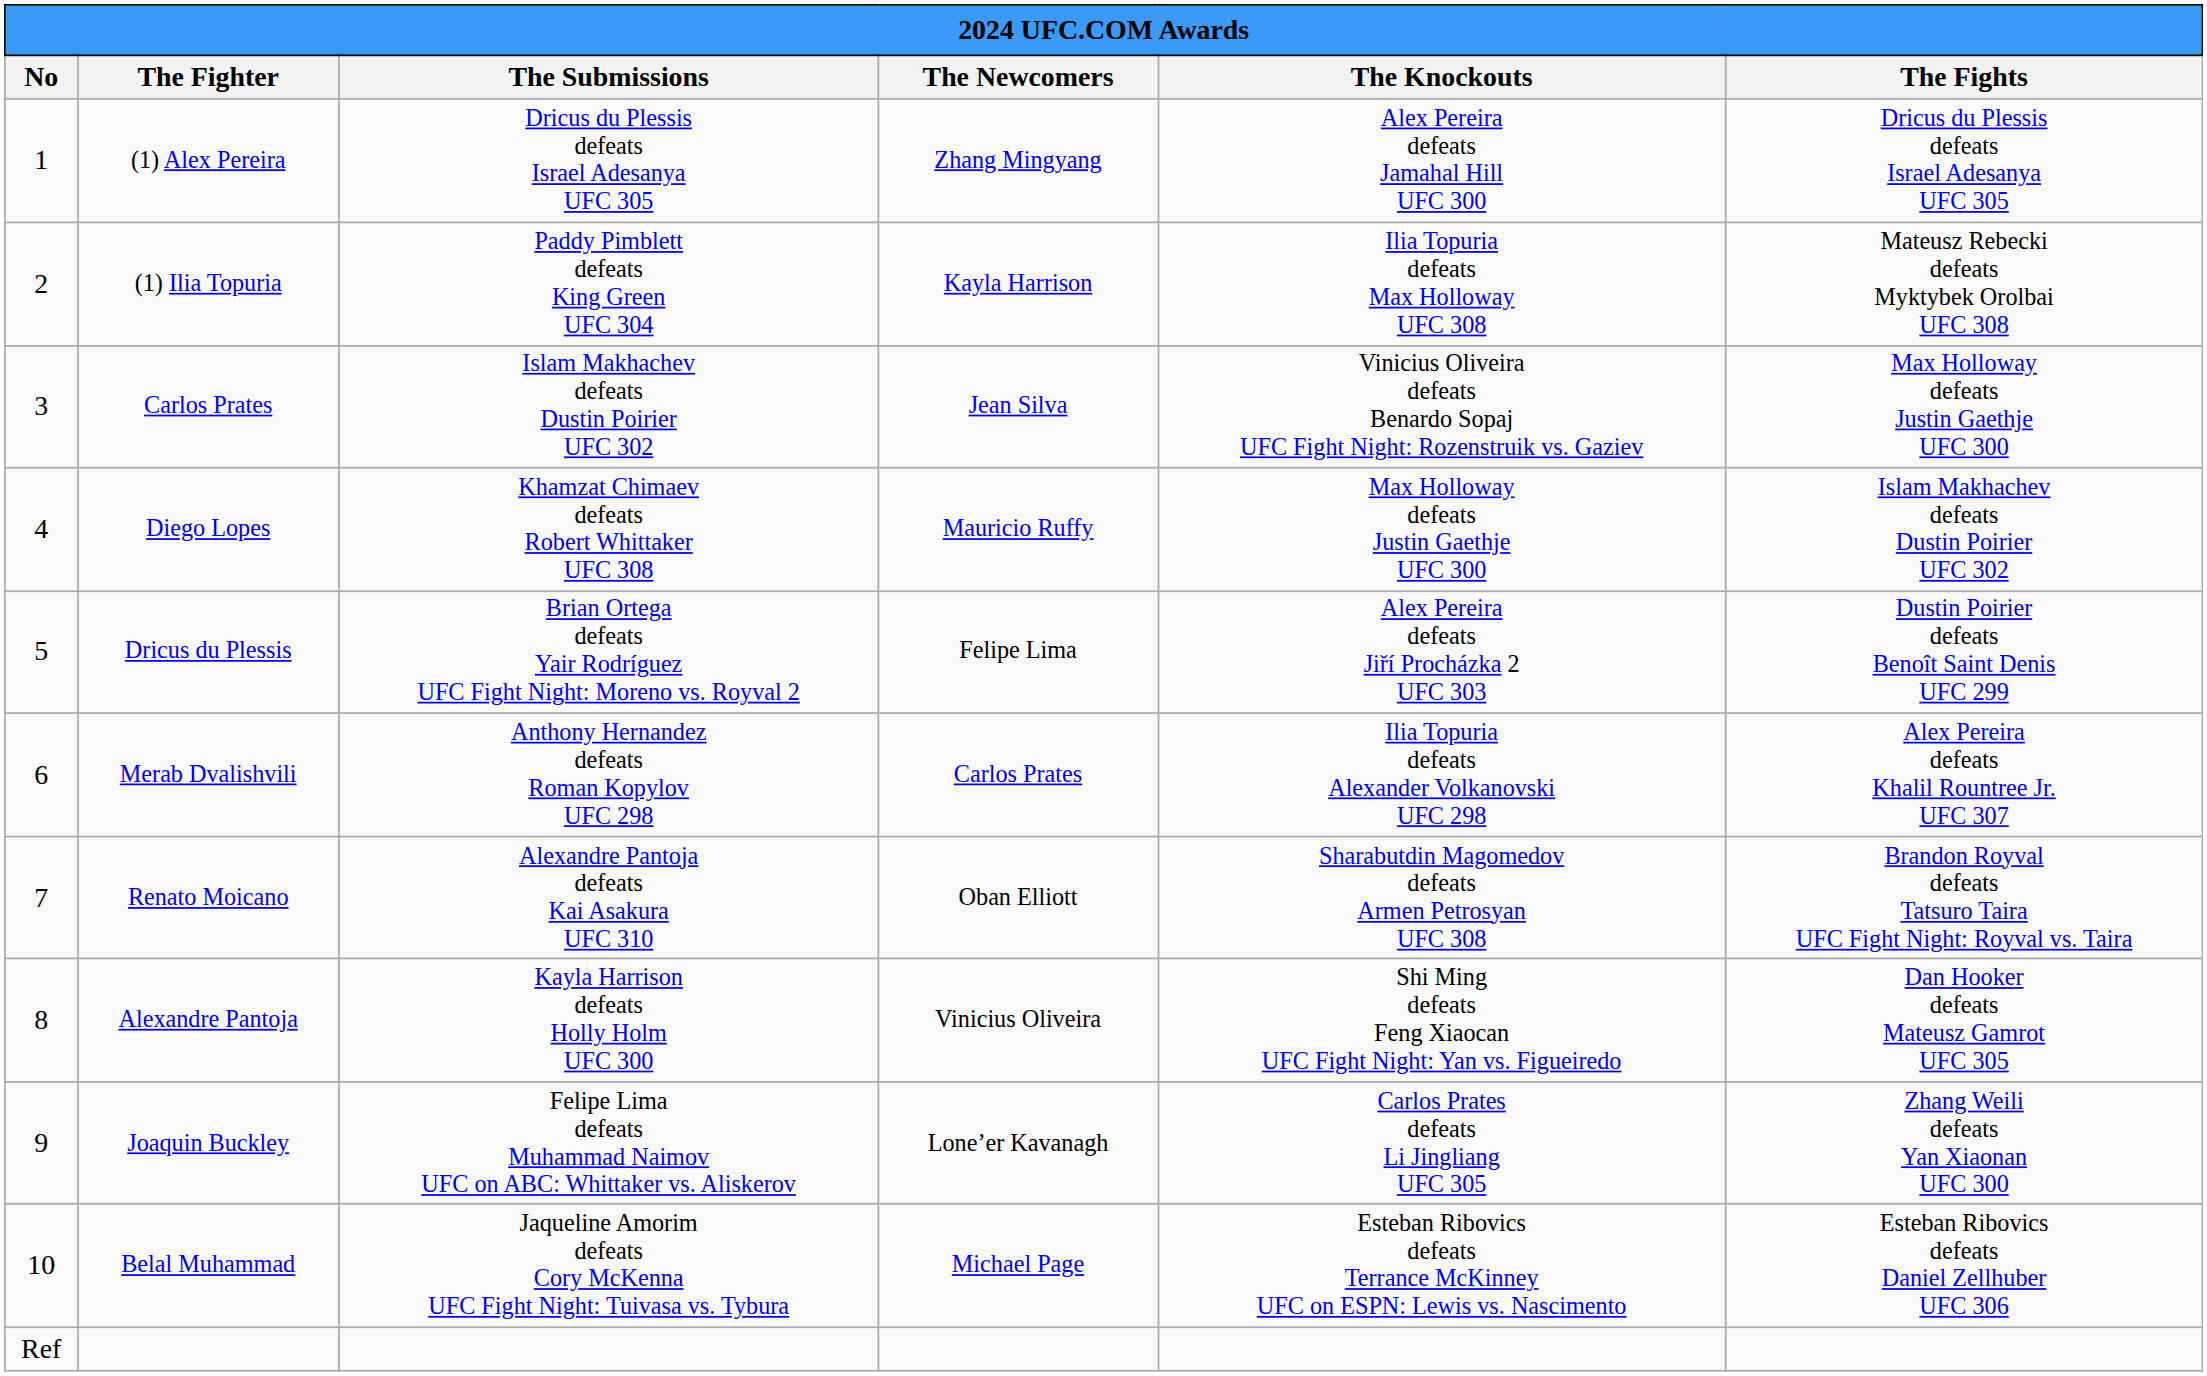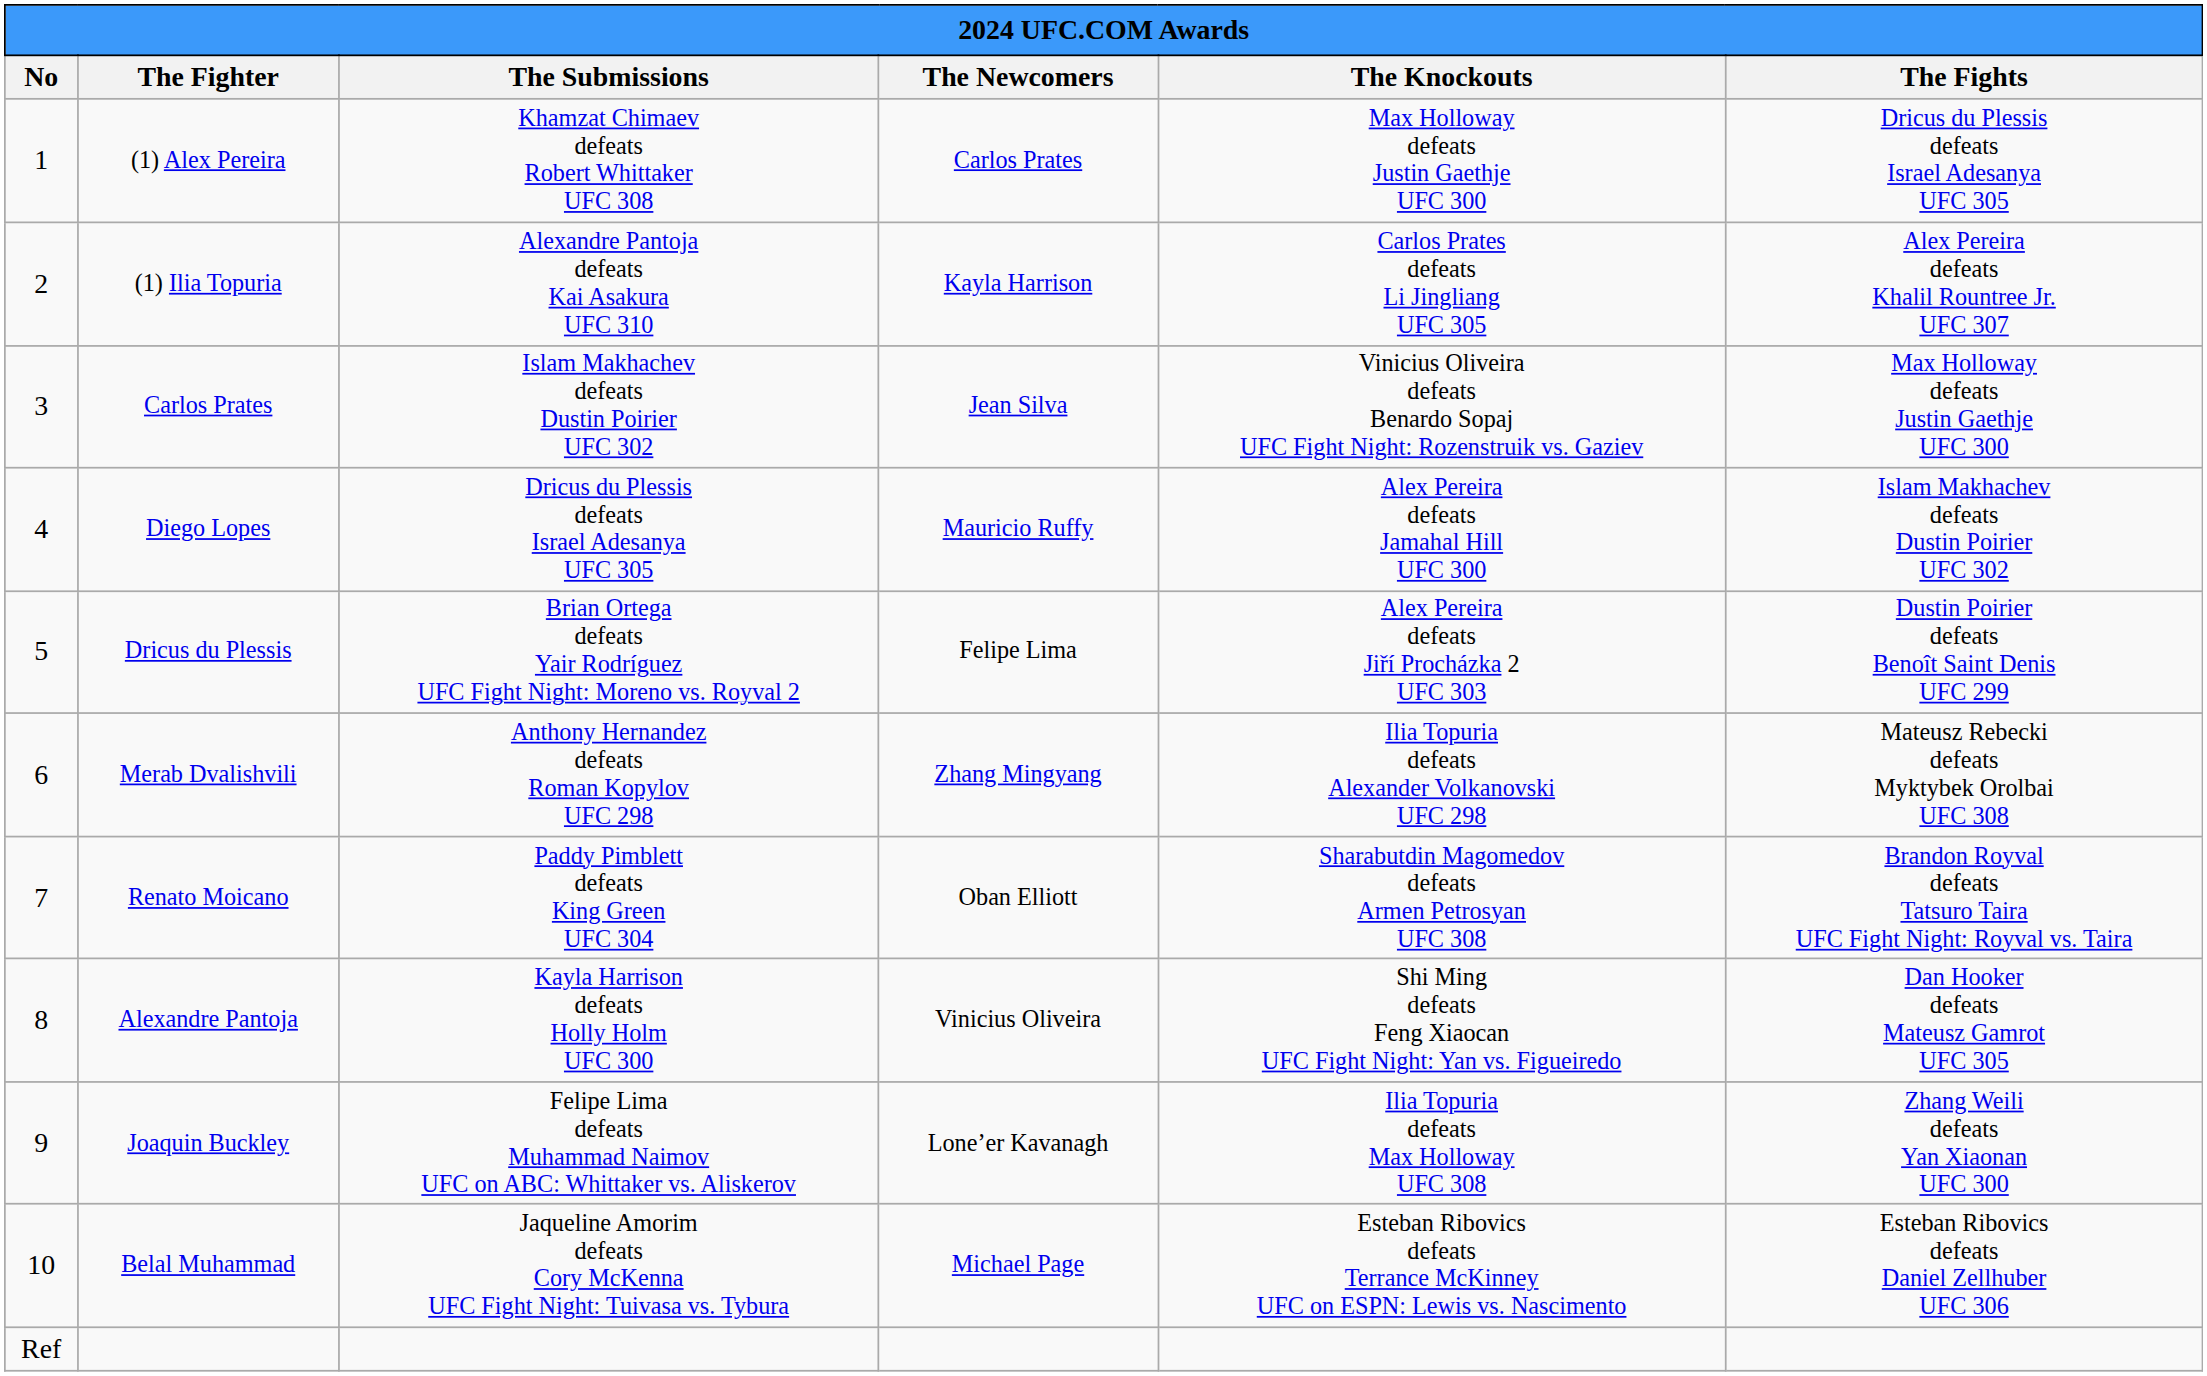 <table class="wikitable" width="100%" style="text-align:Center">
 <tr>
 <th colspan="6" style="border: 1px solid black; padding: 5px; background: #3B99FA;">2024 UFC.COM Awards</th>
 </tr>
 <tr>
 <th>No</th>
 <th>The Fighter</th>
 <th>The Submissions</th>
 <th>The Newcomers</th>
 <th>The Knockouts</th>
 <th>The Fights</th>
 </tr>
 <tr>
 <td>1</td>
 <td style="font-size:87%">(1) <a href='#'>Alex Pereira</a></td>
-<td style="font-size:87%"><a href='#'>Dricus du Plessis</a> <br> defeats <br> <a href='#'>Israel Adesanya</a> <br> <a href='#'>UFC 305</a></td>
-<td style="font-size:87%"><a href='#'>Zhang Mingyang</a></td>
-<td style="font-size:87%"><a href='#'>Alex Pereira</a> <br> defeats <br> <a href='#'>Jamahal Hill</a> <br> <a href='#'>UFC 300</a></td>
+<td style="font-size:87%"><a href='#'>Khamzat Chimaev</a> <br> defeats <br> <a href='#'>Robert Whittaker</a> <br> <a href='#'>UFC 308</a></td>
+<td style="font-size:87%"><a href='#'>Carlos Prates</a></td>
+<td style="font-size:87%"><a href='#'>Max Holloway</a> <br> defeats <br> <a href='#'>Justin Gaethje</a> <br> <a href='#'>UFC 300</a></td>
 <td style="font-size:87%"><a href='#'>Dricus du Plessis</a> <br> defeats <br> <a href='#'>Israel Adesanya</a> <br> <a href='#'>UFC 305</a></td>
 </tr>
 <tr>
 <td>2</td>
 <td style="font-size:87%">(1) <a href='#'>Ilia Topuria</a></td>
-<td style="font-size:87%"><a href='#'>Paddy Pimblett</a> <br> defeats <br> <a href='#'>King Green</a> <br> <a href='#'>UFC 304</a></td>
+<td style="font-size:87%"><a href='#'>Alexandre Pantoja</a> <br> defeats <br> <a href='#'>Kai Asakura</a> <br> <a href='#'>UFC 310</a></td>
 <td style="font-size:87%"><a href='#'>Kayla Harrison</a></td>
-<td style="font-size:87%"><a href='#'>Ilia Topuria</a> <br> defeats <br> <a href='#'>Max Holloway</a> <br> <a href='#'>UFC 308</a></td>
-<td style="font-size:87%">Mateusz Rebecki <br> defeats <br> Myktybek Orolbai <br> <a href='#'>UFC 308</a></td>
+<td style="font-size:87%"><a href='#'>Carlos Prates</a> <br> defeats <br> <a href='#'>Li Jingliang</a> <br> <a href='#'>UFC 305</a></td>
+<td style="font-size:87%"><a href='#'>Alex Pereira</a> <br> defeats <br> <a href='#'>Khalil Rountree Jr.</a> <br> <a href='#'>UFC 307</a></td>
 </tr>
 <tr>
 <td>3</td>
 <td style="font-size:87%"><a href='#'>Carlos Prates</a></td>
 <td style="font-size:87%"><a href='#'>Islam Makhachev</a> <br> defeats <br> <a href='#'>Dustin Poirier</a> <br> <a href='#'>UFC 302</a></td>
 <td style="font-size:87%"><a href='#'>Jean Silva</a></td>
 <td style="font-size:87%">Vinicius Oliveira <br> defeats <br> Benardo Sopaj <br> <a href='#'>UFC Fight Night: Rozenstruik vs. Gaziev</a></td>
 <td style="font-size:87%"><a href='#'>Max Holloway</a> <br> defeats <br> <a href='#'>Justin Gaethje</a> <br> <a href='#'>UFC 300</a></td>
 </tr>
 <tr>
 <td>4</td>
 <td style="font-size:87%"><a href='#'>Diego Lopes</a></td>
-<td style="font-size:87%"><a href='#'>Khamzat Chimaev</a> <br> defeats <br> <a href='#'>Robert Whittaker</a> <br> <a href='#'>UFC 308</a></td>
+<td style="font-size:87%"><a href='#'>Dricus du Plessis</a> <br> defeats <br> <a href='#'>Israel Adesanya</a> <br> <a href='#'>UFC 305</a></td>
 <td style="font-size:87%"><a href='#'>Mauricio Ruffy</a></td>
-<td style="font-size:87%"><a href='#'>Max Holloway</a> <br> defeats <br> <a href='#'>Justin Gaethje</a> <br> <a href='#'>UFC 300</a></td>
+<td style="font-size:87%"><a href='#'>Alex Pereira</a> <br> defeats <br> <a href='#'>Jamahal Hill</a> <br> <a href='#'>UFC 300</a></td>
 <td style="font-size:87%"><a href='#'>Islam Makhachev</a> <br> defeats <br> <a href='#'>Dustin Poirier</a> <br> <a href='#'>UFC 302</a></td>
 </tr>
 <tr>
 <td>5</td>
 <td style="font-size:87%"><a href='#'>Dricus du Plessis</a></td>
 <td style="font-size:87%"><a href='#'>Brian Ortega</a> <br> defeats <br> <a href='#'>Yair Rodríguez</a> <br> <a href='#'>UFC Fight Night: Moreno vs. Royval 2</a></td>
 <td style="font-size:87%">Felipe Lima</td>
 <td style="font-size:87%"><a href='#'>Alex Pereira</a> <br> defeats <br> <a href='#'>Jiří Procházka</a> 2<br> <a href='#'>UFC 303</a></td>
 <td style="font-size:87%"><a href='#'>Dustin Poirier</a> <br> defeats <br> <a href='#'>Benoît Saint Denis</a>  <br> <a href='#'>UFC 299</a></td>
 </tr>
 <tr>
 <td>6</td>
 <td style="font-size:87%"><a href='#'>Merab Dvalishvili</a></td>
 <td style="font-size:87%"><a href='#'>Anthony Hernandez</a> <br> defeats <br> <a href='#'>Roman Kopylov</a> <br> <a href='#'>UFC 298</a></td>
-<td style="font-size:87%"><a href='#'>Carlos Prates</a></td>
+<td style="font-size:87%"><a href='#'>Zhang Mingyang</a></td>
 <td style="font-size:87%"><a href='#'>Ilia Topuria</a> <br> defeats <br> <a href='#'>Alexander Volkanovski</a> <br> <a href='#'>UFC 298</a></td>
-<td style="font-size:87%"><a href='#'>Alex Pereira</a> <br> defeats <br> <a href='#'>Khalil Rountree Jr.</a> <br> <a href='#'>UFC 307</a></td>
+<td style="font-size:87%">Mateusz Rebecki <br> defeats <br> Myktybek Orolbai <br> <a href='#'>UFC 308</a></td>
 </tr>
 <tr>
 <td>7</td>
 <td style="font-size:87%"><a href='#'>Renato Moicano</a></td>
-<td style="font-size:87%"><a href='#'>Alexandre Pantoja</a> <br> defeats <br> <a href='#'>Kai Asakura</a> <br> <a href='#'>UFC 310</a></td>
+<td style="font-size:87%"><a href='#'>Paddy Pimblett</a> <br> defeats <br> <a href='#'>King Green</a> <br> <a href='#'>UFC 304</a></td>
 <td style="font-size:87%">Oban Elliott</td>
 <td style="font-size:87%"><a href='#'>Sharabutdin Magomedov</a> <br> defeats <br> <a href='#'>Armen Petrosyan</a> <br> <a href='#'>UFC 308</a></td>
 <td style="font-size:87%"><a href='#'>Brandon Royval</a> <br> defeats <br> <a href='#'>Tatsuro Taira</a> <br> <a href='#'>UFC Fight Night: Royval vs. Taira</a></td>
 </tr>
 <tr>
 <td>8</td>
 <td style="font-size:87%"><a href='#'>Alexandre Pantoja</a></td>
 <td style="font-size:87%"><a href='#'>Kayla Harrison</a> <br> defeats <br> <a href='#'>Holly Holm</a> <br> <a href='#'>UFC 300</a></td>
 <td style="font-size:87%">Vinicius Oliveira</td>
 <td style="font-size:87%">Shi Ming <br> defeats <br> Feng Xiaocan <br> <a href='#'>UFC Fight Night: Yan vs. Figueiredo</a></td>
 <td style="font-size:87%"><a href='#'>Dan Hooker</a> <br> defeats <br> <a href='#'>Mateusz Gamrot</a> <br> <a href='#'>UFC 305</a></td>
 </tr>
 <tr>
 <td>9</td>
 <td style="font-size:87%"><a href='#'>Joaquin Buckley</a></td>
 <td style="font-size:87%">Felipe Lima <br> defeats <br> <a href='#'>Muhammad Naimov</a> <br> <a href='#'>UFC on ABC: Whittaker vs. Aliskerov</a></td>
 <td style="font-size:87%">Lone’er Kavanagh</td>
-<td style="font-size:87%"><a href='#'>Carlos Prates</a> <br> defeats <br> <a href='#'>Li Jingliang</a> <br> <a href='#'>UFC 305</a></td>
+<td style="font-size:87%"><a href='#'>Ilia Topuria</a> <br> defeats <br> <a href='#'>Max Holloway</a> <br> <a href='#'>UFC 308</a></td>
 <td style="font-size:87%"><a href='#'>Zhang Weili</a> <br> defeats <br> <a href='#'>Yan Xiaonan</a> <br> <a href='#'>UFC 300</a></td>
 </tr>
 <tr>
 <td>10</td>
 <td style="font-size:87%"><a href='#'>Belal Muhammad</a></td>
 <td style="font-size:87%">Jaqueline Amorim <br> defeats <br> <a href='#'>Cory McKenna</a> <br> <a href='#'>UFC Fight Night: Tuivasa vs. Tybura</a></td>
 <td style="font-size:87%"><a href='#'>Michael Page</a></td>
 <td style="font-size:87%">Esteban Ribovics <br> defeats <br> <a href='#'>Terrance McKinney</a> <br> <a href='#'>UFC on ESPN: Lewis vs. Nascimento</a></td>
 <td style="font-size:87%">Esteban Ribovics <br> defeats <br> <a href='#'>Daniel Zellhuber</a> <br> <a href='#'>UFC 306</a></td>
 </tr>
 <tr>
 <td>Ref</td>
 <td></td>
 <td></td>
 <td></td>
 <td></td>
 <td></td>
 </tr>
 </table>
